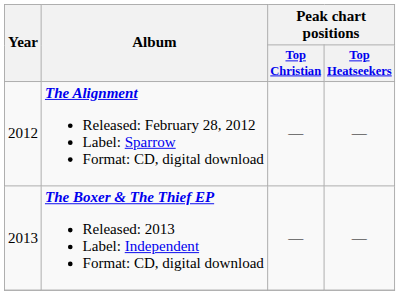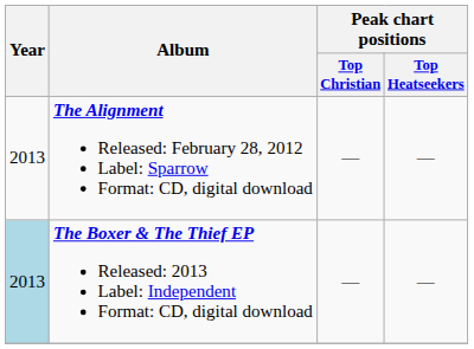 <table class="wikitable" style="text-align:center;">
 <tr>
 <th rowspan="2">Year</th>
 <th rowspan="2">Album</th>
 <th colspan="3">Peak chart positions</th>
 </tr>
 <tr style="font-size:smaller;">
 <th width="40"><a href='#'>Top<br>Christian</a></th>
 <th width="40"><a href='#'>Top<br>Heatseekers</a></th>
 </tr>
 <tr>
-<td>2012</td>
+<td>2013</td>
 <td align="left"><strong><em><a href='#'>The Alignment</a></em></strong><br><ul><li>Released: February 28, 2012</li><li>Label: <a href='#'>Sparrow</a></li><li>Format: CD, digital download</li></ul></td>
 <td>—</td>
 <td>—</td>
 </tr>
 <tr>
-<td>2013</td>
+<td style="background: lightblue;">2013</td>
 <td align="left"><strong><em><a href='#'>The Boxer & The Thief EP</a></em></strong><br><ul><li>Released: 2013</li><li>Label: <a href='#'>Independent</a></li><li>Format: CD, digital download</li></ul></td>
 <td>—</td>
 <td>—</td>
 </tr>
 <tr>
 </tr>
 </table>
